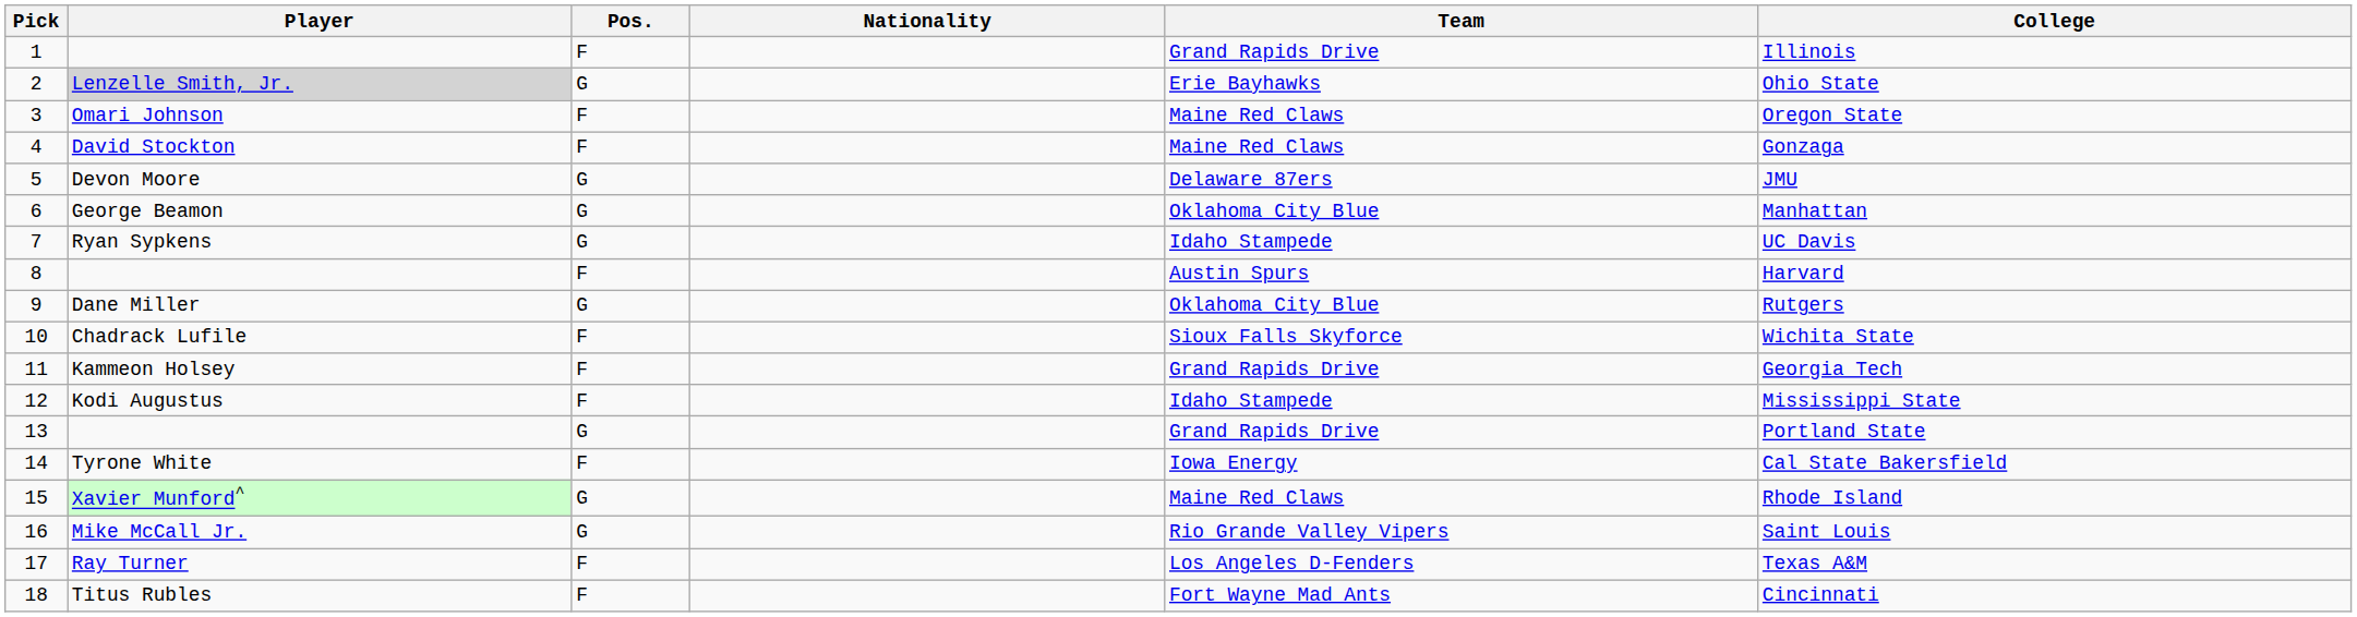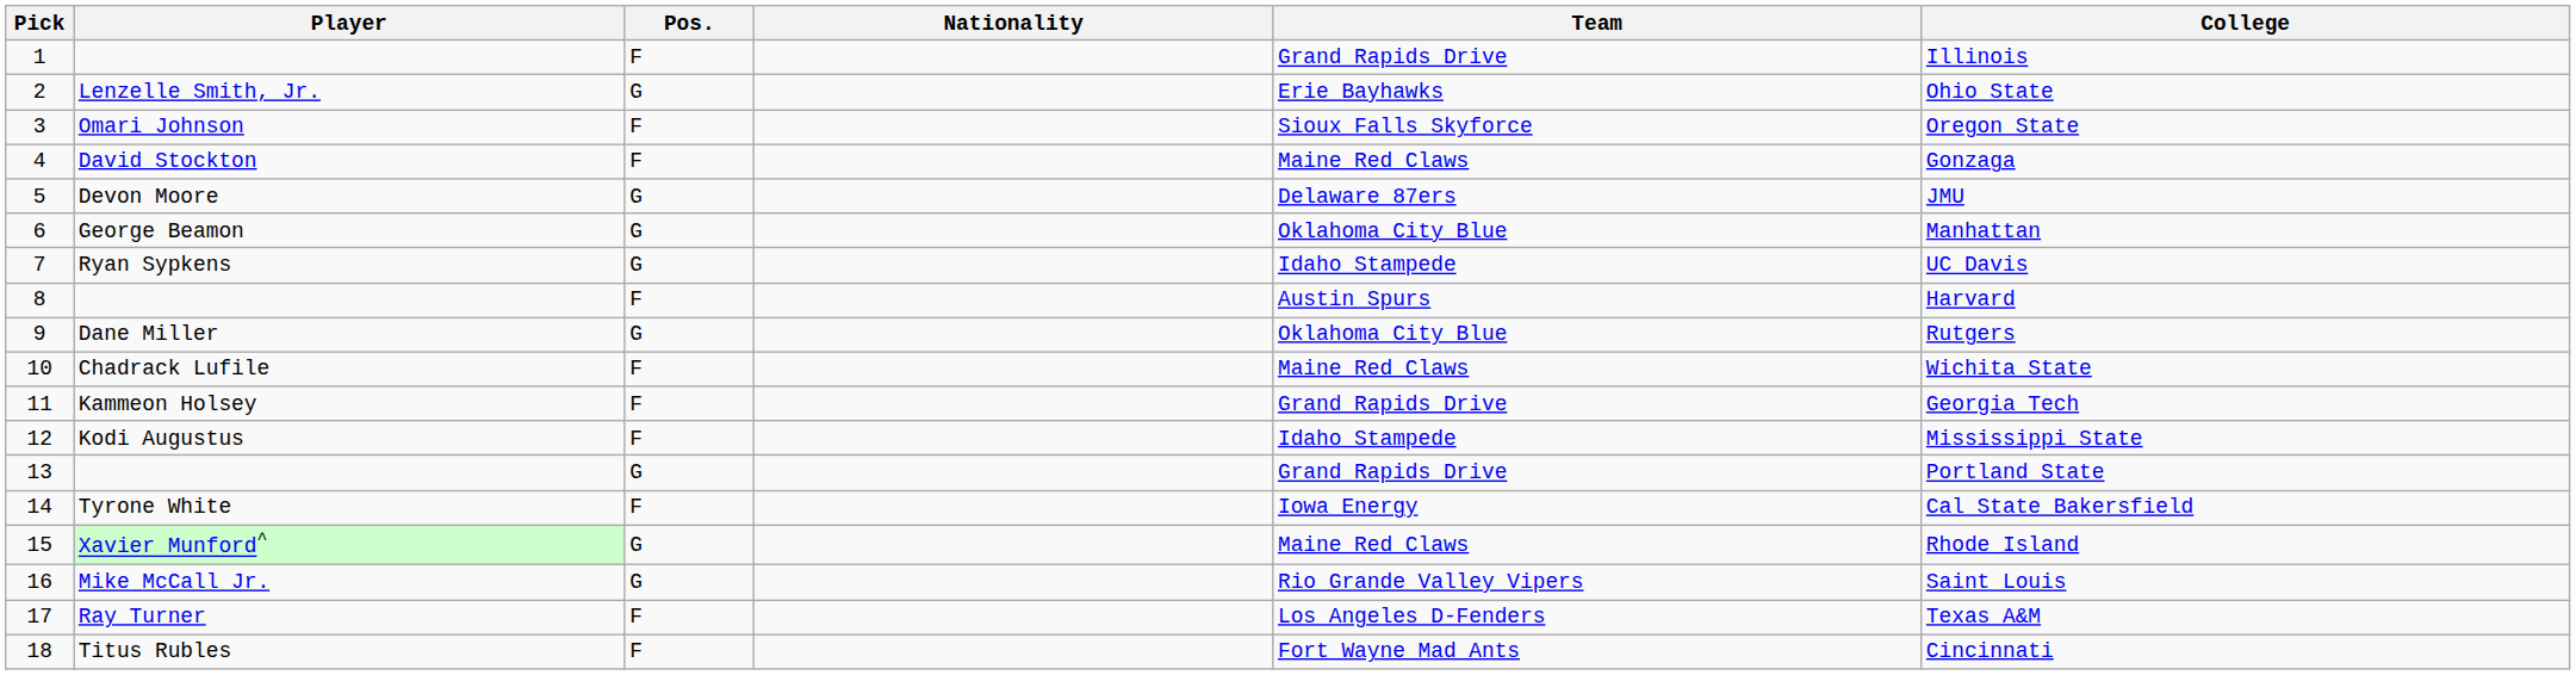 <table class="wikitable sortable">
 <tr>
 <th width="1%">Pick</th>
 <th width="17%">Player</th>
 <th width="4%">Pos.</th>
 <th width="16%">Nationality</th>
 <th width="20%" class="unsortable">Team</th>
 <th width="20%">College</th>
 </tr>
 <tr>
 <td align=center>1</td>
 <td></td>
 <td>F</td>
 <td></td>
 <td><a href='#'>Grand Rapids Drive</a></td>
 <td><a href='#'>Illinois</a></td>
 </tr>
 <tr>
 <td align=center>2</td>
-<td style="background: lightgrey;"><a href='#'>Lenzelle Smith, Jr.</a></td>
+<td><a href='#'>Lenzelle Smith, Jr.</a></td>
 <td>G</td>
 <td></td>
 <td><a href='#'>Erie Bayhawks</a></td>
 <td><a href='#'>Ohio State</a></td>
 </tr>
 <tr>
 <td align=center>3</td>
 <td><a href='#'>Omari Johnson</a></td>
 <td>F</td>
 <td></td>
-<td><a href='#'>Maine Red Claws</a></td>
+<td><a href='#'>Sioux Falls Skyforce</a></td>
 <td><a href='#'>Oregon State</a></td>
 </tr>
 <tr>
 <td align=center>4</td>
 <td><a href='#'>David Stockton</a></td>
 <td>F</td>
 <td></td>
 <td><a href='#'>Maine Red Claws</a></td>
 <td><a href='#'>Gonzaga</a></td>
 </tr>
 <tr>
 <td align=center>5</td>
 <td>Devon Moore</td>
 <td>G</td>
 <td></td>
 <td><a href='#'>Delaware 87ers</a></td>
 <td><a href='#'>JMU</a></td>
 </tr>
 <tr>
 <td align=center>6</td>
 <td>George Beamon</td>
 <td>G</td>
 <td></td>
 <td><a href='#'>Oklahoma City Blue</a></td>
 <td><a href='#'>Manhattan</a></td>
 </tr>
 <tr>
 <td align=center>7</td>
 <td>Ryan Sypkens</td>
 <td>G</td>
 <td></td>
 <td><a href='#'>Idaho Stampede</a></td>
 <td><a href='#'>UC Davis</a></td>
 </tr>
 <tr>
 <td align=center>8</td>
 <td></td>
 <td>F</td>
 <td></td>
 <td><a href='#'>Austin Spurs</a></td>
 <td><a href='#'>Harvard</a></td>
 </tr>
 <tr>
 <td align=center>9</td>
 <td>Dane Miller</td>
 <td>G</td>
 <td></td>
 <td><a href='#'>Oklahoma City Blue</a></td>
 <td><a href='#'>Rutgers</a></td>
 </tr>
 <tr>
 <td align=center>10</td>
 <td>Chadrack Lufile</td>
 <td>F</td>
 <td></td>
-<td><a href='#'>Sioux Falls Skyforce</a></td>
+<td><a href='#'>Maine Red Claws</a></td>
 <td><a href='#'>Wichita State</a></td>
 </tr>
 <tr>
 <td align=center>11</td>
 <td>Kammeon Holsey</td>
 <td>F</td>
 <td></td>
 <td><a href='#'>Grand Rapids Drive</a></td>
 <td><a href='#'>Georgia Tech</a></td>
 </tr>
 <tr>
 <td align=center>12</td>
 <td>Kodi Augustus</td>
 <td>F</td>
 <td></td>
 <td><a href='#'>Idaho Stampede</a></td>
 <td><a href='#'>Mississippi State</a></td>
 </tr>
 <tr>
 <td align=center>13</td>
 <td></td>
 <td>G</td>
 <td></td>
 <td><a href='#'>Grand Rapids Drive</a></td>
 <td><a href='#'>Portland State</a></td>
 </tr>
 <tr>
 <td align=center>14</td>
 <td>Tyrone White</td>
 <td>F</td>
 <td></td>
 <td><a href='#'>Iowa Energy</a></td>
 <td><a href='#'>Cal State Bakersfield</a></td>
 </tr>
 <tr>
 <td align=center>15</td>
 <td style="background-color:#CCFFCC"><a href='#'>Xavier Munford</a><sup>^</sup></td>
 <td>G</td>
 <td></td>
 <td><a href='#'>Maine Red Claws</a></td>
 <td><a href='#'>Rhode Island</a></td>
 </tr>
 <tr>
 <td align=center>16</td>
 <td><a href='#'>Mike McCall Jr.</a></td>
 <td>G</td>
 <td></td>
 <td><a href='#'>Rio Grande Valley Vipers</a></td>
 <td><a href='#'>Saint Louis</a></td>
 </tr>
 <tr>
 <td align=center>17</td>
 <td><a href='#'>Ray Turner</a></td>
 <td>F</td>
 <td></td>
 <td><a href='#'>Los Angeles D-Fenders</a></td>
 <td><a href='#'>Texas A&M</a></td>
 </tr>
 <tr>
 <td align=center>18</td>
 <td>Titus Rubles</td>
 <td>F</td>
 <td></td>
 <td><a href='#'>Fort Wayne Mad Ants</a></td>
 <td><a href='#'>Cincinnati</a></td>
 </tr>
 </table>
